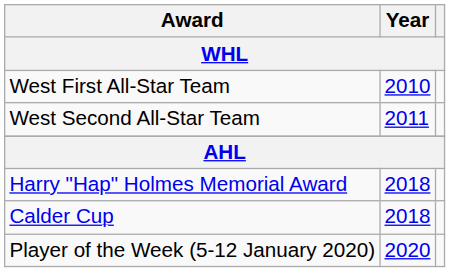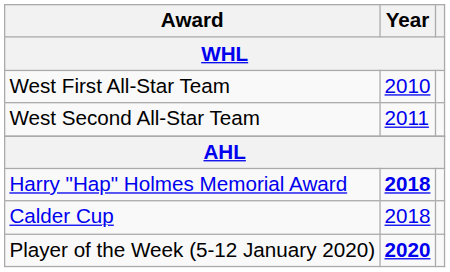 <table class="wikitable">
 <tr>
 <th>Award</th>
 <th>Year</th>
 <th></th>
 </tr>
 <tr>
 <th colspan="3"><a href='#'>WHL</a></th>
 </tr>
 <tr>
 <td>West First All-Star Team</td>
 <td><a href='#'>2010</a></td>
 <td></td>
 </tr>
 <tr>
 <td>West Second All-Star Team</td>
 <td><a href='#'>2011</a></td>
 <td></td>
 </tr>
 <tr>
 </tr>
 <tr>
 <th colspan="3"><a href='#'>AHL</a></th>
 </tr>
 <tr>
 <td><a href='#'>Harry "Hap" Holmes Memorial Award</a></td>
-<td><a href='#'>2018</a></td>
+<td><strong><a href='#'>2018</a></strong></td>
 <td></td>
 </tr>
 <tr>
 <td><a href='#'>Calder Cup</a></td>
 <td><a href='#'>2018</a></td>
 <td></td>
 </tr>
 <tr>
 <td>Player of the Week (5-12 January 2020)</td>
-<td><a href='#'>2020</a></td>
+<td><strong><a href='#'>2020</a></strong></td>
 <td></td>
 </tr>
 </table>
